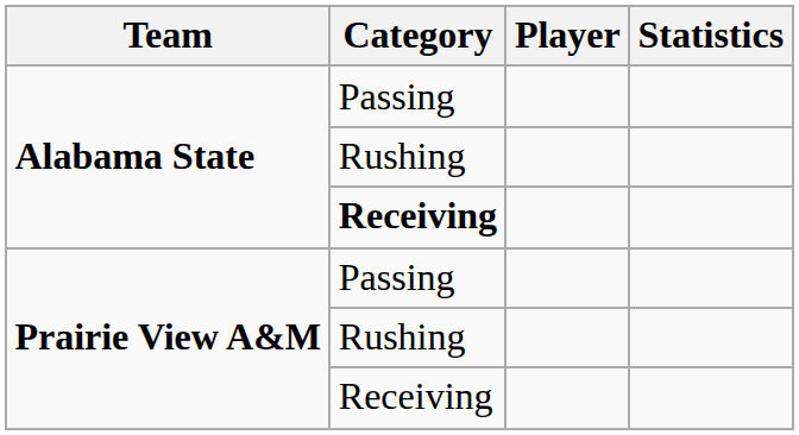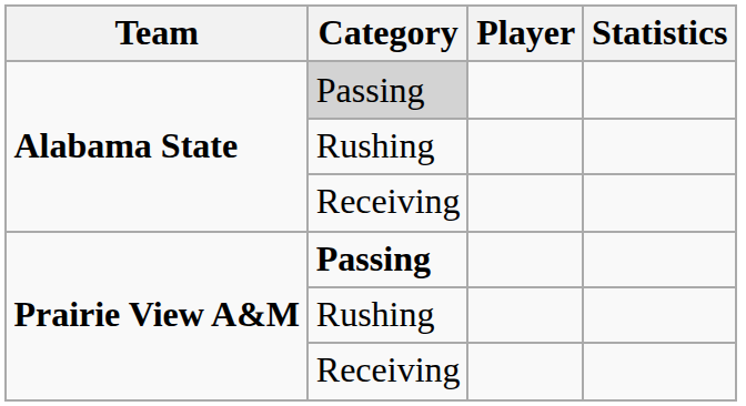 <table class="wikitable" style="float: left;">
 <tr>
 <th>Team</th>
 <th>Category</th>
 <th>Player</th>
 <th>Statistics</th>
 </tr>
 <tr>
 <td rowspan=3><strong>Alabama State</strong></td>
-<td>Passing</td>
+<td style="background: lightgrey;">Passing</td>
 <td> </td>
 <td> </td>
 </tr>
 <tr>
 <td>Rushing</td>
 <td> </td>
 <td> </td>
 </tr>
 <tr>
-<td><strong>Receiving</strong></td>
+<td>Receiving</td>
 <td> </td>
 <td> </td>
 </tr>
 <tr>
 <td rowspan=3><strong>Prairie View A&M</strong></td>
-<td>Passing</td>
+<td><strong>Passing</strong></td>
 <td> </td>
 <td> </td>
 </tr>
 <tr>
 <td>Rushing</td>
 <td> </td>
 <td> </td>
 </tr>
 <tr>
 <td>Receiving</td>
 <td> </td>
 <td> </td>
 </tr>
 </table>
